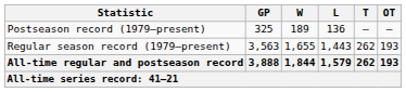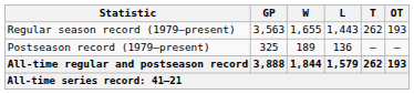 <table class="wikitable" style="text-align:center; font-size:95%">
 <tr>
 <th>Statistic</th>
 <th>GP</th>
 <th>W</th>
 <th>L</th>
 <th>T</th>
 <th>OT</th>
 </tr>
 <tr>
+<td style="text-align:left;">Regular season record (1979–present)</td>
+<td>3,563</td>
+<td>1,655</td>
+<td>1,443</td>
+<td>262</td>
+<td>193</td>
+</tr>
+<tr>
 <td style="text-align:left;">Postseason record (1979–present)</td>
 <td>325</td>
 <td>189</td>
 <td>136</td>
 <td>—</td>
 <td>—</td>
-</tr>
-<tr>
-<td style="text-align:left;">Regular season record (1979–present)</td>
-<td>3,563</td>
-<td>1,655</td>
-<td>1,443</td>
-<td>262</td>
-<td>193</td>
 </tr>
 <tr>
 <th style="text-align:left;">All-time regular and postseason record</th>
 <th>3,888</th>
 <th>1,844</th>
 <th>1,579</th>
 <th>262</th>
 <th>193</th>
 </tr>
 <tr>
 <th colspan="6" style="text-align:left; font-size:95%">All-time series record: 41–21</th>
 </tr>
 </table>
